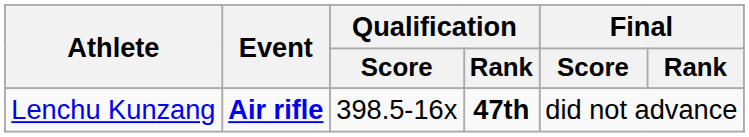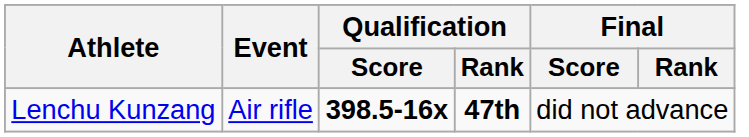 <table class="wikitable" style="font-size:90%">
 <tr>
 <th rowspan=2>Athlete</th>
 <th rowspan=2>Event</th>
 <th colspan=2>Qualification</th>
 <th colspan=2>Final</th>
 </tr>
 <tr style="font-size:95%">
 <th>Score</th>
 <th>Rank</th>
 <th>Score</th>
 <th>Rank</th>
 </tr>
 <tr align=center>
 <td align=left><a href='#'>Lenchu Kunzang</a></td>
-<td><strong><a href='#'>Air rifle</a></strong></td>
-<td align=center>398.5-16x</td>
+<td><a href='#'>Air rifle</a></td>
+<td align=center><strong>398.5-16x</strong></td>
 <td align=center><strong>47th</strong></td>
 <td align=center colspan=2>did not advance</td>
 </tr>
 </table>
